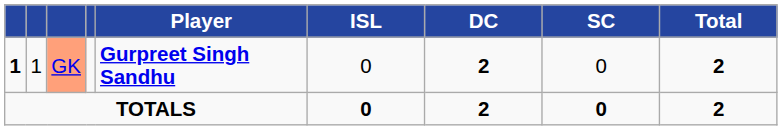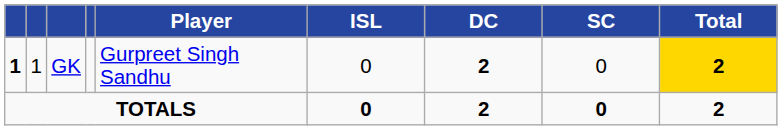 <table class="wikitable" style="font-size: 95%; text-align: center;">
 <tr>
 <th rowspan="1" !width=15 style="background:#2545A0; color:#FFFFFF; "></th>
 <th rowspan="1" !width=15 style="background:#2545A0; color:#FFFFFF; "></th>
 <th rowspan="1" !width=15 style="background:#2545A0; color:#FFFFFF; "></th>
 <th rowspan="1" !width=15 style="background:#2545A0; color:#FFFFFF; "></th>
 <th width=150 style="background:#2545A0; color:#FFFFFF; ">Player</th>
 <th width=80 style="background:#2545A0; color:#FFFFFF; ">ISL</th>
 <th width=80 style="background:#2545A0; color:#FFFFFF; ">DC</th>
 <th width=80 style="background:#2545A0; color:#FFFFFF; ">SC</th>
 <th width=80 style="background:#2545A0; color:#FFFFFF; ">Total</th>
 </tr>
 <tr>
 <td><strong>1</strong></td>
 <td>1</td>
-<td style="background: lightsalmon;"><a href='#'>GK</a></td>
+<td><a href='#'>GK</a></td>
 <td></td>
-<td align=left><strong><a href='#'>Gurpreet Singh Sandhu</a></strong></td>
+<td align=left><a href='#'>Gurpreet Singh Sandhu</a></td>
 <td>0</td>
 <td><strong>2</strong></td>
 <td>0</td>
-<td><strong>2</strong></td>
+<td style="background: gold;"><strong>2</strong></td>
 </tr>
 <tr>
 <td colspan="5"><strong>TOTALS</strong></td>
 <td><strong>0</strong></td>
 <td><strong>2</strong></td>
 <td><strong>0</strong></td>
 <td><strong>2</strong></td>
 </tr>
 </table>
